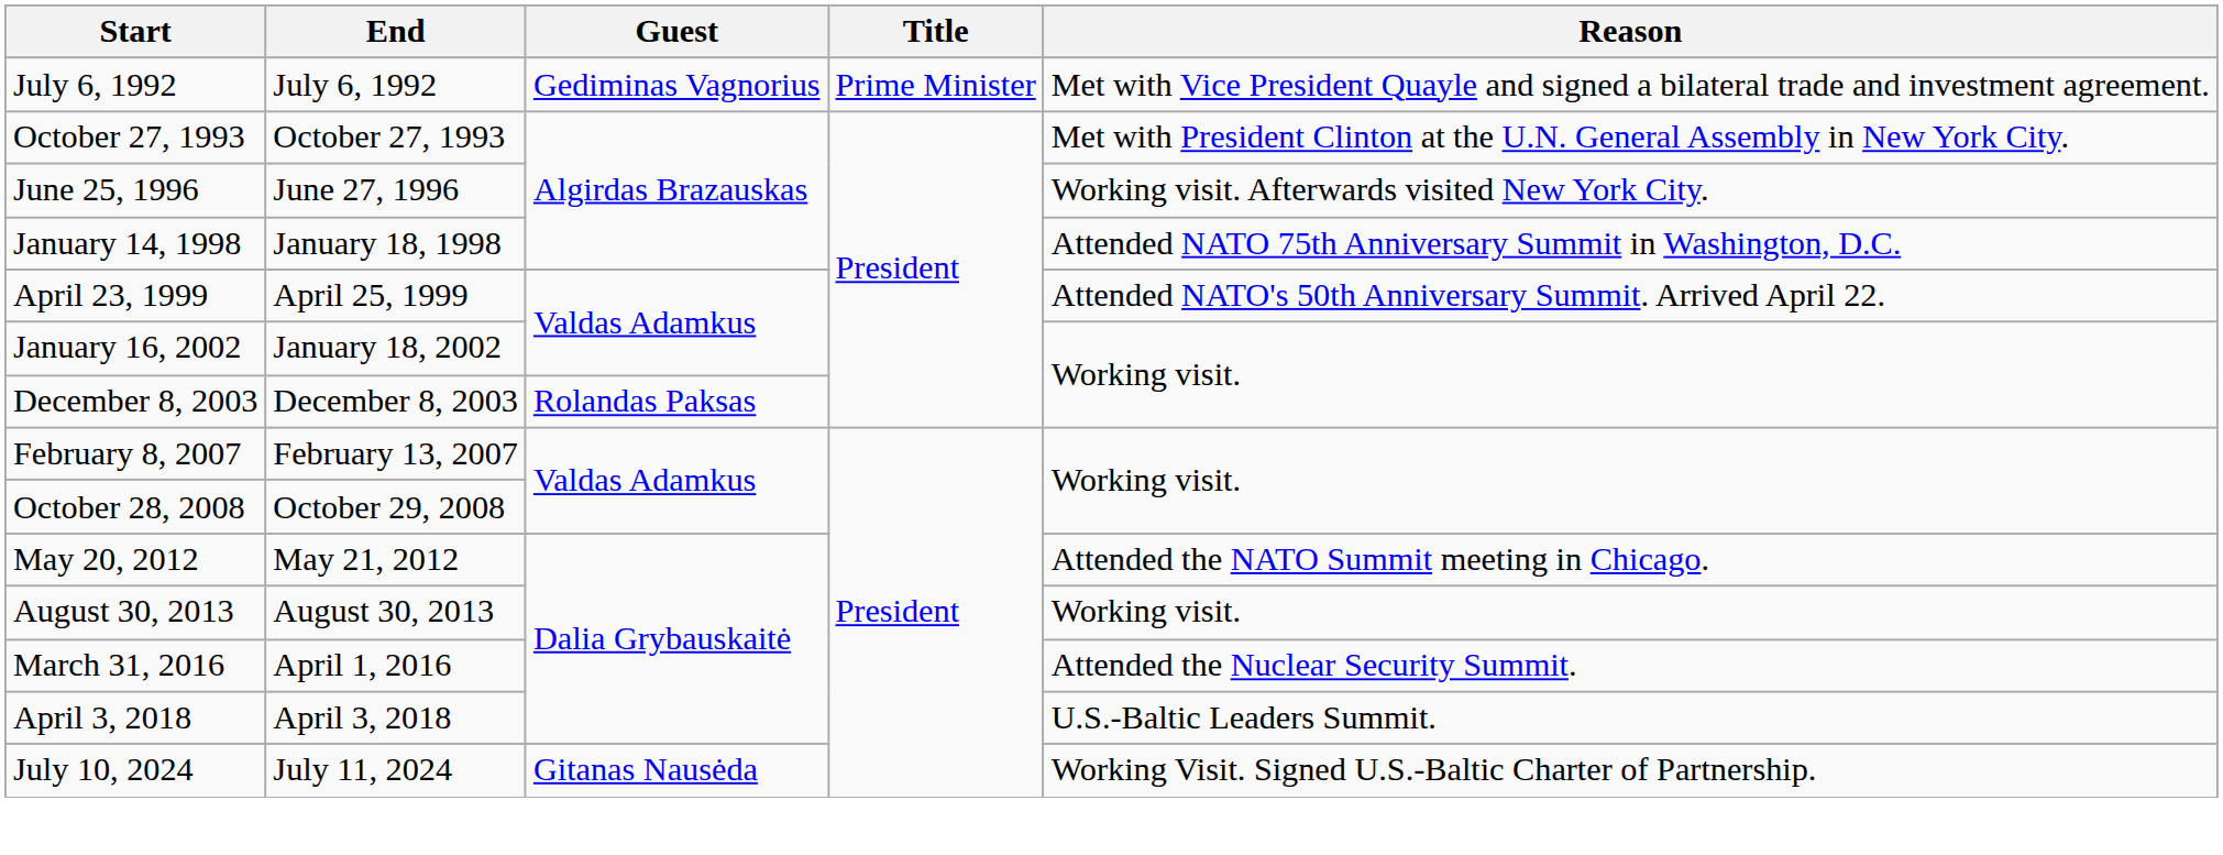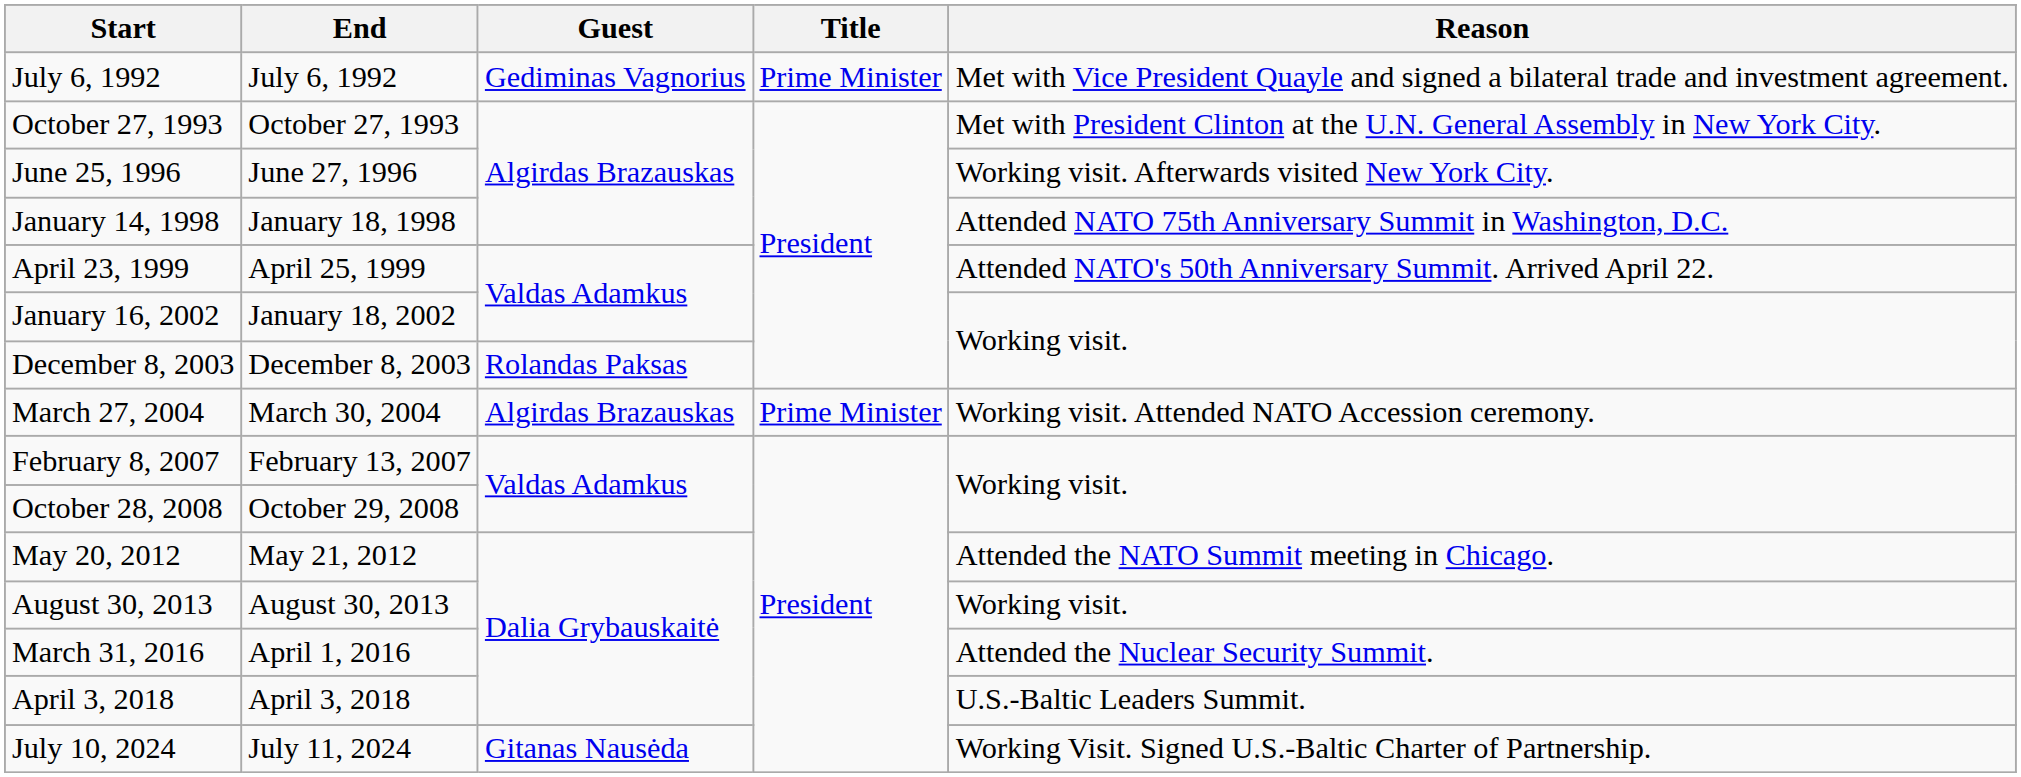 <table class="wikitable sortable">
 <tr>
 <th>Start</th>
 <th>End</th>
 <th>Guest</th>
 <th>Title</th>
 <th>Reason</th>
 </tr>
 <tr>
 <td>July 6, 1992</td>
 <td>July 6, 1992</td>
 <td><a href='#'>Gediminas Vagnorius</a></td>
 <td><a href='#'>Prime Minister</a></td>
 <td>Met with <a href='#'>Vice President Quayle</a> and signed a bilateral trade and investment agreement.</td>
 </tr>
 <tr>
 <td>October 27, 1993</td>
 <td>October 27, 1993</td>
 <td rowspan=3><a href='#'>Algirdas Brazauskas</a></td>
 <td rowspan=6><a href='#'>President</a></td>
 <td>Met with <a href='#'>President Clinton</a> at the <a href='#'>U.N. General Assembly</a> in <a href='#'>New York City</a>.</td>
 </tr>
 <tr>
 <td>June 25, 1996</td>
 <td>June 27, 1996</td>
 <td>Working visit. Afterwards visited <a href='#'>New York City</a>.</td>
 </tr>
 <tr>
 <td>January 14, 1998</td>
 <td>January 18, 1998</td>
 <td>Attended <a href='#'>NATO 75th Anniversary Summit</a> in <a href='#'>Washington, D.C.</a></td>
 </tr>
 <tr>
 <td>April 23, 1999</td>
 <td>April 25, 1999</td>
 <td rowspan=2><a href='#'>Valdas Adamkus</a></td>
 <td>Attended <a href='#'>NATO's 50th Anniversary Summit</a>. Arrived April 22.</td>
 </tr>
 <tr>
 <td>January 16, 2002</td>
 <td>January 18, 2002</td>
 <td rowspan=2>Working visit.</td>
 </tr>
 <tr>
 <td>December 8, 2003</td>
 <td>December 8, 2003</td>
 <td><a href='#'>Rolandas Paksas</a></td>
 </tr>
 <tr>
+<td>March 27, 2004</td>
+<td>March 30, 2004</td>
+<td><a href='#'>Algirdas Brazauskas</a></td>
+<td><a href='#'>Prime Minister</a></td>
+<td>Working visit. Attended NATO Accession ceremony.</td>
+</tr>
+<tr>
 <td>February 8, 2007</td>
 <td>February 13, 2007</td>
 <td rowspan=2><a href='#'>Valdas Adamkus</a></td>
 <td rowspan=7><a href='#'>President</a></td>
 <td rowspan=2>Working visit.</td>
 </tr>
 <tr>
 <td>October 28, 2008</td>
 <td>October 29, 2008</td>
 </tr>
 <tr>
 <td>May 20, 2012</td>
 <td>May 21, 2012</td>
 <td rowspan=4><a href='#'>Dalia Grybauskaitė</a></td>
 <td>Attended the <a href='#'>NATO Summit</a> meeting in <a href='#'>Chicago</a>.</td>
 </tr>
 <tr>
 <td>August 30, 2013</td>
 <td>August 30, 2013</td>
 <td>Working visit.</td>
 </tr>
 <tr>
 <td>March 31, 2016</td>
 <td>April 1, 2016</td>
 <td>Attended the <a href='#'>Nuclear Security Summit</a>.</td>
 </tr>
 <tr>
 <td>April 3, 2018</td>
 <td>April 3, 2018</td>
 <td>U.S.-Baltic Leaders Summit.</td>
 </tr>
 <tr>
 <td>July 10, 2024</td>
 <td>July 11, 2024</td>
 <td><a href='#'>Gitanas Nausėda</a></td>
 <td>Working Visit. Signed U.S.-Baltic Charter of Partnership.</td>
 </tr>
 </table>
